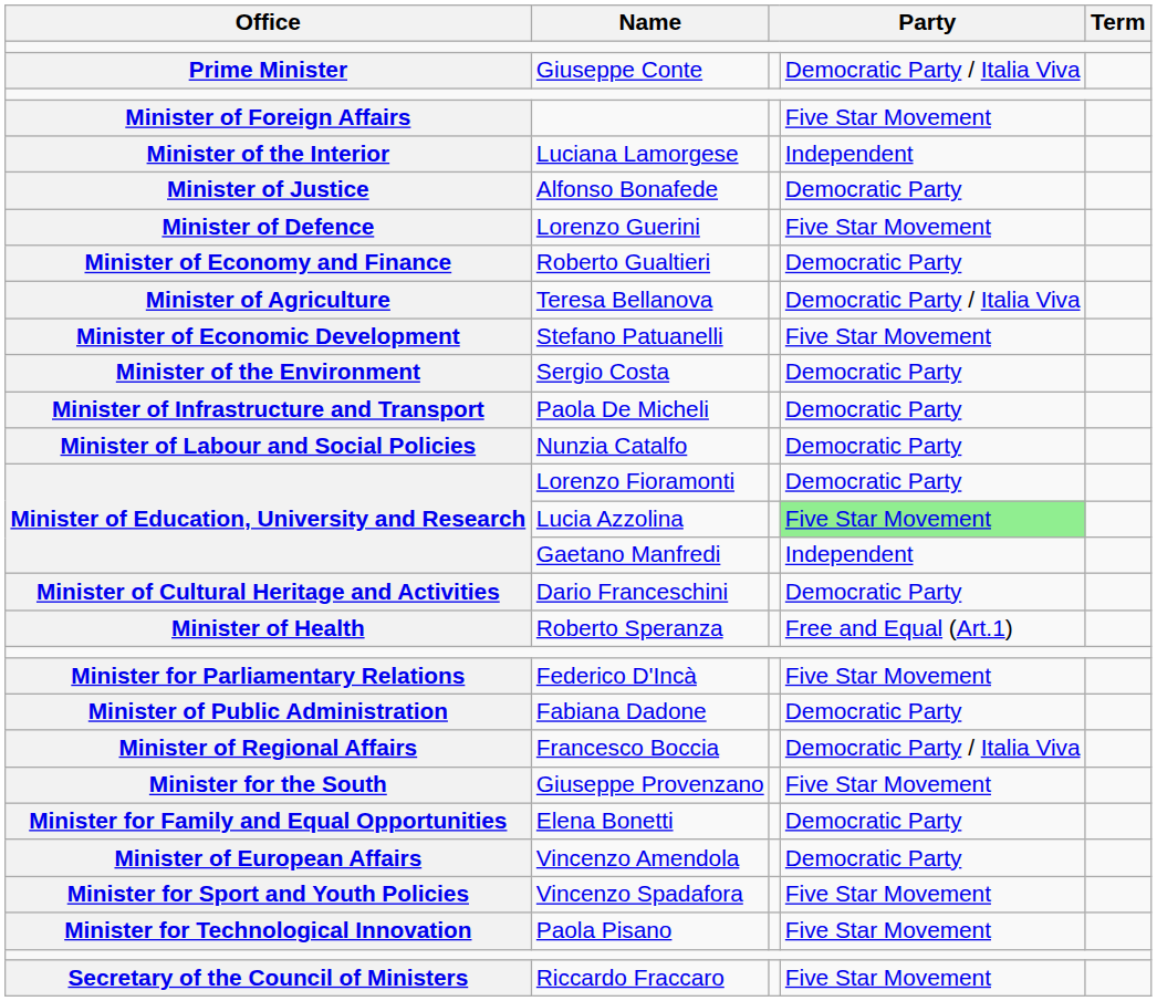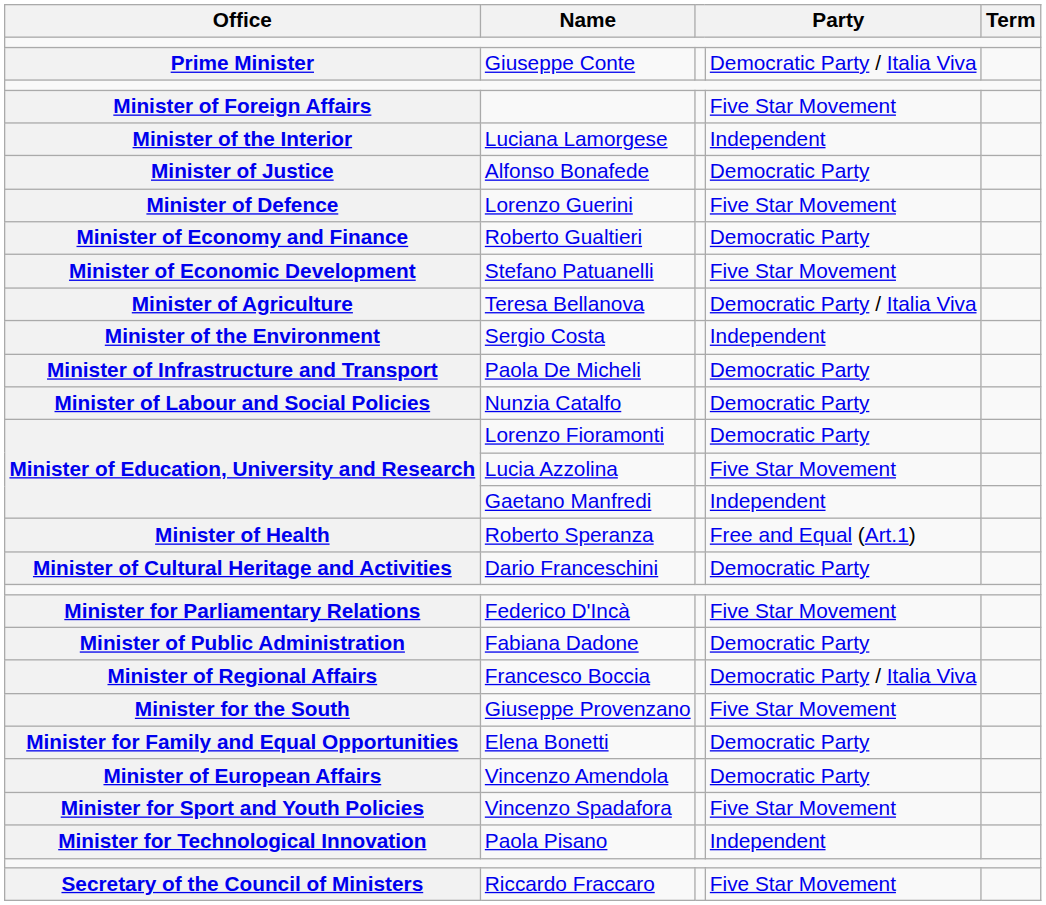 <table class="wikitable" style="font-size: 100%;">
 <tr>
 <th>Office</th>
 <th>Name</th>
 <th colspan=2>Party</th>
 <th>Term</th>
 </tr>
 <tr>
 <td colspan="5"></td>
 </tr>
 <tr>
 <th><a href='#'>Prime Minister</a></th>
 <td><a href='#'>Giuseppe Conte</a></td>
 <td style="color:inherit;background:"></td>
 <td><a href='#'>Democratic Party</a> / <a href='#'>Italia Viva</a></td>
 <td></td>
 </tr>
 <tr>
 <td colspan="5"></td>
 </tr>
 <tr>
 <th><a href='#'>Minister of Foreign Affairs</a></th>
 <td></td>
 <td style="color:inherit;background:"></td>
 <td><a href='#'>Five Star Movement</a></td>
 <td></td>
 </tr>
 <tr>
 <th><a href='#'>Minister of the Interior</a></th>
 <td><a href='#'>Luciana Lamorgese</a></td>
 <td style="color:inherit;background:"></td>
 <td><a href='#'>Independent</a></td>
 <td></td>
 </tr>
 <tr>
 <th><a href='#'>Minister of Justice</a></th>
 <td><a href='#'>Alfonso Bonafede</a></td>
 <td style="color:inherit;background:"></td>
 <td><a href='#'>Democratic Party</a></td>
 <td></td>
 </tr>
 <tr>
 <th><a href='#'>Minister of Defence</a></th>
 <td><a href='#'>Lorenzo Guerini</a></td>
 <td style="color:inherit;background:"></td>
 <td><a href='#'>Five Star Movement</a></td>
 <td></td>
 </tr>
 <tr>
 <th><a href='#'>Minister of Economy and Finance</a></th>
 <td><a href='#'>Roberto Gualtieri</a></td>
 <td style="color:inherit;background:"></td>
 <td><a href='#'>Democratic Party</a></td>
 <td></td>
 </tr>
 <tr>
+<th><a href='#'>Minister of Economic Development</a></th>
+<td><a href='#'>Stefano Patuanelli</a></td>
+<td style="color:inherit;background:"></td>
+<td><a href='#'>Five Star Movement</a></td>
+<td></td>
+</tr>
+<tr>
 <th><a href='#'>Minister of Agriculture</a></th>
 <td><a href='#'>Teresa Bellanova</a></td>
 <td style="color:inherit;background:"></td>
 <td><a href='#'>Democratic Party</a> / <a href='#'>Italia Viva</a></td>
 <td></td>
 </tr>
 <tr>
-<th><a href='#'>Minister of Economic Development</a></th>
-<td><a href='#'>Stefano Patuanelli</a></td>
-<td style="color:inherit;background:"></td>
-<td><a href='#'>Five Star Movement</a></td>
-<td></td>
-</tr>
-<tr>
 <th><a href='#'>Minister of the Environment</a></th>
 <td><a href='#'>Sergio Costa</a></td>
 <td style="color:inherit;background:"></td>
-<td><a href='#'>Democratic Party</a></td>
+<td><a href='#'>Independent</a></td>
 <td></td>
 </tr>
 <tr>
 <th><a href='#'>Minister of Infrastructure and Transport</a></th>
 <td><a href='#'>Paola De Micheli</a></td>
 <td style="color:inherit;background:"></td>
 <td><a href='#'>Democratic Party</a></td>
 <td></td>
 </tr>
 <tr>
 <th><a href='#'>Minister of Labour and Social Policies</a></th>
 <td><a href='#'>Nunzia Catalfo</a></td>
 <td style="color:inherit;background:"></td>
 <td><a href='#'>Democratic Party</a></td>
 <td></td>
 </tr>
 <tr>
 <th rowspan = "3";><a href='#'>Minister of Education, University and Research</a></th>
 <td><a href='#'>Lorenzo Fioramonti</a></td>
 <td style="color:inherit;background:"></td>
 <td><a href='#'>Democratic Party</a></td>
 <td></td>
 </tr>
 <tr>
 <td><a href='#'>Lucia Azzolina</a> </td>
 <td style="color:inherit;background:"></td>
-<td style="background: lightgreen;"><a href='#'>Five Star Movement</a></td>
+<td><a href='#'>Five Star Movement</a></td>
 <td></td>
 </tr>
 <tr>
 <td><a href='#'>Gaetano Manfredi</a> </td>
 <td style="color:inherit;background:"></td>
 <td><a href='#'>Independent</a></td>
 <td></td>
 </tr>
 <tr>
+<th><a href='#'>Minister of Health</a></th>
+<td><a href='#'>Roberto Speranza</a></td>
+<td style="color:inherit;background:"></td>
+<td><a href='#'>Free and Equal</a> (<a href='#'>Art.1</a>)</td>
+<td></td>
+</tr>
+<tr>
 <th><a href='#'>Minister of Cultural Heritage and Activities</a></th>
 <td><a href='#'>Dario Franceschini</a></td>
 <td style="color:inherit;background:"></td>
 <td><a href='#'>Democratic Party</a></td>
-<td></td>
-</tr>
-<tr>
-<th><a href='#'>Minister of Health</a></th>
-<td><a href='#'>Roberto Speranza</a></td>
-<td style="color:inherit;background:"></td>
-<td><a href='#'>Free and Equal</a> (<a href='#'>Art.1</a>)</td>
 <td></td>
 </tr>
 <tr>
 <td colspan="5"></td>
 </tr>
 <tr>
 <th><a href='#'>Minister for Parliamentary Relations</a></th>
 <td><a href='#'>Federico D'Incà</a></td>
 <td style="color:inherit;background:"></td>
 <td><a href='#'>Five Star Movement</a></td>
 <td></td>
 </tr>
 <tr>
 <th><a href='#'>Minister of Public Administration</a></th>
 <td><a href='#'>Fabiana Dadone</a></td>
 <td style="color:inherit;background:"></td>
 <td><a href='#'>Democratic Party</a></td>
 <td></td>
 </tr>
 <tr>
 <th><a href='#'>Minister of Regional Affairs</a></th>
 <td><a href='#'>Francesco Boccia</a></td>
 <td style="color:inherit;background:"></td>
 <td><a href='#'>Democratic Party</a> / <a href='#'>Italia Viva</a></td>
 <td></td>
 </tr>
 <tr>
 <th><a href='#'>Minister for the South</a></th>
 <td><a href='#'>Giuseppe Provenzano</a></td>
 <td style="color:inherit;background:"></td>
 <td><a href='#'>Five Star Movement</a></td>
 <td></td>
 </tr>
 <tr>
 <th><a href='#'>Minister for Family and Equal Opportunities</a></th>
 <td><a href='#'>Elena Bonetti</a></td>
 <td style="color:inherit;background:"></td>
 <td><a href='#'>Democratic Party</a></td>
 <td></td>
 </tr>
 <tr>
 <th><a href='#'>Minister of European Affairs</a></th>
 <td><a href='#'>Vincenzo Amendola</a></td>
 <td style="color:inherit;background:"></td>
 <td><a href='#'>Democratic Party</a></td>
 <td></td>
 </tr>
 <tr>
 <th><a href='#'>Minister for Sport and Youth Policies</a></th>
 <td><a href='#'>Vincenzo Spadafora</a></td>
 <td style="color:inherit;background:"></td>
 <td><a href='#'>Five Star Movement</a></td>
 <td></td>
 </tr>
 <tr>
 <th><a href='#'>Minister for Technological Innovation</a></th>
 <td><a href='#'>Paola Pisano</a></td>
 <td style="color:inherit;background:"></td>
-<td><a href='#'>Five Star Movement</a></td>
+<td><a href='#'>Independent</a></td>
 <td></td>
 </tr>
 <tr>
 <td colspan="5"></td>
 </tr>
 <tr>
 <th><a href='#'>Secretary of the Council of Ministers</a></th>
 <td><a href='#'>Riccardo Fraccaro</a></td>
 <td style="color:inherit;background:"></td>
 <td><a href='#'>Five Star Movement</a></td>
 <td></td>
 </tr>
 </table>
